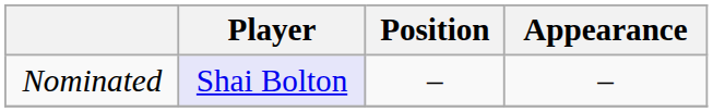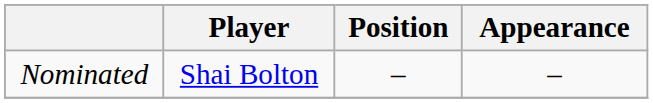 <table class="wikitable" style="text-align:center; font-size:100%; width:40%;">
 <tr>
 <th></th>
 <th>Player</th>
 <th>Position</th>
 <th>Appearance</th>
 </tr>
 <tr>
 <td><em>Nominated</em></td>
-<td style="background: lavender;"><a href='#'>Shai Bolton</a></td>
+<td><a href='#'>Shai Bolton</a></td>
 <td>–</td>
 <td>–</td>
 </tr>
 <tr>
 </tr>
 </table>
